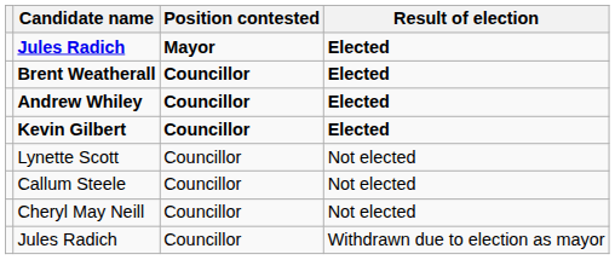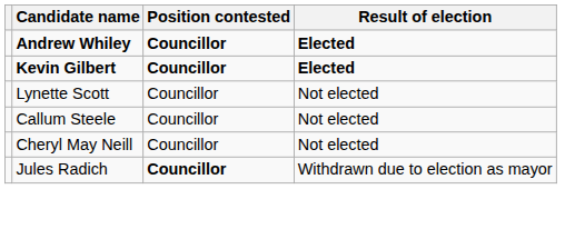 <table class="wikitable sortable">
 <tr>
 <th></th>
 <th>Candidate name</th>
 <th>Position contested</th>
 <th>Result of election</th>
-</tr>
-<tr>
-<td><br></td>
-<td><strong><a href='#'>Jules Radich</a></strong></td>
-<td><strong>Mayor</strong></td>
-<td><strong>Elected</strong></td>
-</tr>
-<tr>
-<td><br></td>
-<td><strong>Brent Weatherall</strong></td>
-<td><strong>Councillor</strong></td>
-<td><strong>Elected</strong></td>
 </tr>
 <tr>
 <td><br></td>
 <td><strong>Andrew Whiley</strong></td>
 <td><strong>Councillor</strong></td>
 <td><strong>Elected</strong></td>
 </tr>
 <tr>
 <td><br></td>
 <td><strong>Kevin Gilbert</strong></td>
 <td><strong>Councillor</strong></td>
 <td><strong>Elected</strong></td>
 </tr>
 <tr>
 <td><br></td>
 <td>Lynette Scott</td>
 <td>Councillor</td>
 <td>Not elected</td>
 </tr>
 <tr>
 <td><br></td>
 <td>Callum Steele</td>
 <td>Councillor</td>
 <td>Not elected</td>
 </tr>
 <tr>
 <td><br></td>
 <td>Cheryl May Neill</td>
 <td>Councillor</td>
 <td>Not elected</td>
 </tr>
 <tr>
 <td><br></td>
 <td>Jules Radich</td>
-<td>Councillor</td>
+<td><strong>Councillor</strong></td>
 <td>Withdrawn due to election as mayor</td>
 </tr>
 </table>
